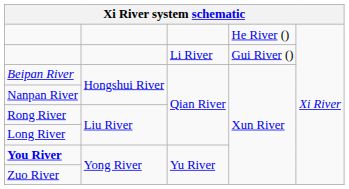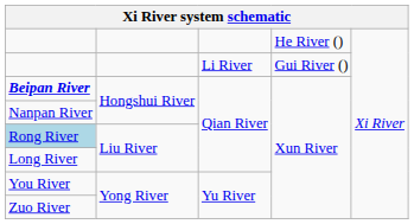 <table class="wikitable">
 <tr>
 <th colspan="5">Xi River system <a href='#'>schematic</a><br></th>
 </tr>
 <tr>
 <td></td>
 <td></td>
 <td></td>
 <td><a href='#'>He River</a> ()</td>
 <td rowspan="8"><em><a href='#'>Xi River</a></em></td>
 </tr>
 <tr>
 <td></td>
 <td></td>
 <td><a href='#'>Li River</a></td>
 <td><a href='#'>Gui River</a> ()</td>
 </tr>
 <tr>
-<td><em><a href='#'>Beipan River</a></em></td>
+<td><strong><em><a href='#'>Beipan River</a></em></strong></td>
 <td rowspan="2"><a href='#'>Hongshui River</a></td>
 <td rowspan="4"><a href='#'>Qian River</a></td>
 <td rowspan="6"><a href='#'>Xun River</a></td>
 </tr>
 <tr>
 <td><a href='#'>Nanpan River</a></td>
 </tr>
 <tr>
-<td><a href='#'>Rong River</a></td>
+<td style="background: lightblue;"><a href='#'>Rong River</a></td>
 <td rowspan="2"><a href='#'>Liu River</a></td>
 </tr>
 <tr>
 <td><a href='#'>Long River</a></td>
 </tr>
 <tr>
-<td><strong><a href='#'>You River</a></strong></td>
+<td><a href='#'>You River</a></td>
 <td rowspan="2"><a href='#'>Yong River</a></td>
 <td rowspan="2"><a href='#'>Yu River</a></td>
 </tr>
 <tr>
 <td><a href='#'>Zuo River</a></td>
 </tr>
 </table>
